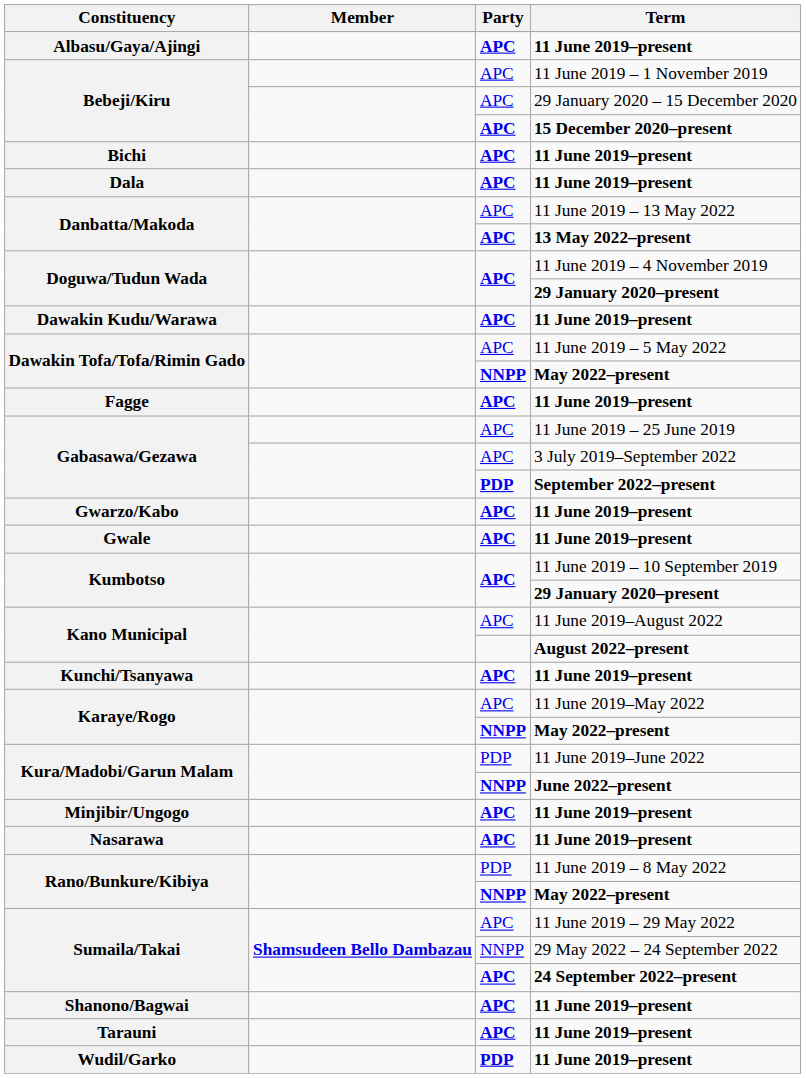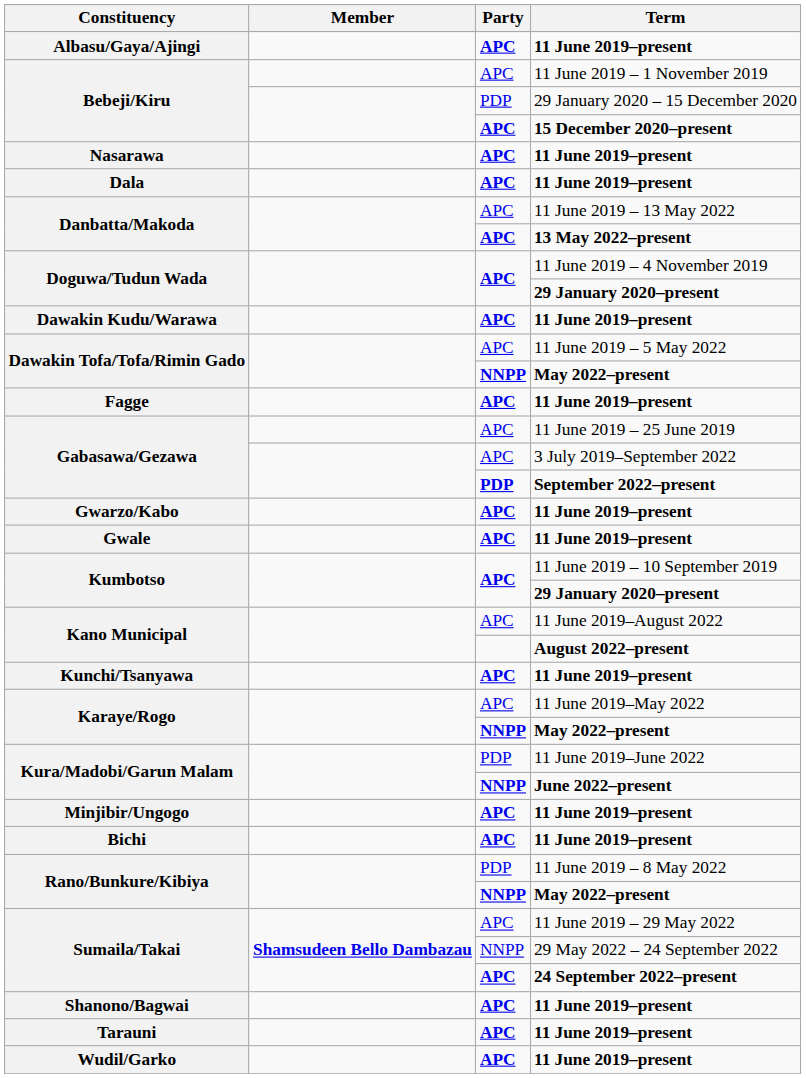 <table class="wikitable">
 <tr valign=bottom>
 <th>Constituency</th>
 <th>Member</th>
 <th>Party</th>
 <th>Term</th>
 </tr>
 <tr>
 <th>Albasu/Gaya/Ajingi</th>
 <td><strong></strong></td>
 <td><strong><a href='#'>APC</a></strong></td>
 <td><strong>11 June 2019–present</strong></td>
 </tr>
 <tr>
 <th rowspan=3>Bebeji/Kiru</th>
 <td style="opacity:.4;"></td>
 <td><a href='#'>APC</a></td>
 <td>11 June 2019 – 1 November 2019</td>
 </tr>
 <tr>
 <td rowspan=2><strong></strong></td>
-<td><a href='#'>APC</a></td>
+<td><a href='#'>PDP</a></td>
 <td>29 January 2020 – 15 December 2020</td>
 </tr>
 <tr>
 <td><strong><a href='#'>APC</a></strong></td>
 <td><strong>15 December 2020–present</strong></td>
 </tr>
 <tr>
-<th>Bichi</th>
+<th>Nasarawa</th>
 <td><strong></strong></td>
 <td><strong><a href='#'>APC</a></strong></td>
 <td><strong>11 June 2019–present</strong></td>
 </tr>
 <tr>
 <th>Dala</th>
 <td><strong></strong></td>
 <td><strong><a href='#'>APC</a></strong></td>
 <td><strong>11 June 2019–present</strong></td>
 </tr>
 <tr>
 <th rowspan=2>Danbatta/Makoda</th>
 <td rowspan=2><strong></strong></td>
 <td><a href='#'>APC</a></td>
 <td>11 June 2019 – 13 May 2022</td>
 </tr>
 <tr>
 <td><strong><a href='#'>APC</a></strong></td>
 <td><strong>13 May 2022–present</strong></td>
 </tr>
 <tr>
 <th rowspan=2>Doguwa/Tudun Wada</th>
 <td rowspan=2><strong></strong></td>
 <td rowspan=2 ><strong><a href='#'>APC</a></strong></td>
 <td>11 June 2019 – 4 November 2019</td>
 </tr>
 <tr>
 <td><strong>29 January 2020–present</strong></td>
 </tr>
 <tr>
 <th>Dawakin Kudu/Warawa</th>
 <td><strong></strong></td>
 <td><strong><a href='#'>APC</a></strong></td>
 <td><strong>11 June 2019–present</strong></td>
 </tr>
 <tr>
 <th rowspan=2>Dawakin Tofa/Tofa/Rimin Gado</th>
 <td rowspan=2><strong></strong></td>
 <td><a href='#'>APC</a></td>
 <td>11 June 2019 – 5 May 2022</td>
 </tr>
 <tr>
 <td><strong><a href='#'>NNPP</a></strong></td>
 <td><strong>May 2022–present</strong></td>
 </tr>
 <tr>
 <th>Fagge</th>
 <td><strong></strong></td>
 <td><strong><a href='#'>APC</a></strong></td>
 <td><strong>11 June 2019–present</strong></td>
 </tr>
 <tr>
 <th rowspan=3>Gabasawa/Gezawa</th>
 <td style="opacity:.4;"></td>
 <td><a href='#'>APC</a></td>
 <td>11 June 2019 – 25 June 2019</td>
 </tr>
 <tr>
 <td rowspan=2><strong></strong></td>
 <td><a href='#'>APC</a></td>
 <td>3 July 2019–September 2022</td>
 </tr>
 <tr>
 <td><strong><a href='#'>PDP</a></strong></td>
 <td><strong>September 2022–present</strong></td>
 </tr>
 <tr>
 <th>Gwarzo/Kabo</th>
 <td><strong></strong></td>
 <td><strong><a href='#'>APC</a></strong></td>
 <td><strong>11 June 2019–present</strong></td>
 </tr>
 <tr>
 <th>Gwale</th>
 <td><strong></strong></td>
 <td><strong><a href='#'>APC</a></strong></td>
 <td><strong>11 June 2019–present</strong></td>
 </tr>
 <tr>
 <th rowspan=2>Kumbotso</th>
 <td rowspan=2><strong></strong></td>
 <td rowspan=2 ><strong><a href='#'>APC</a></strong></td>
 <td>11 June 2019 – 10 September 2019</td>
 </tr>
 <tr>
 <td><strong>29 January 2020–present</strong></td>
 </tr>
 <tr>
 <th rowspan=2>Kano Municipal</th>
 <td rowspan=2><strong></strong></td>
 <td><a href='#'>APC</a></td>
 <td>11 June 2019–August 2022</td>
 </tr>
 <tr>
 <td><strong></strong></td>
 <td><strong>August 2022–present</strong></td>
 </tr>
 <tr>
 <th>Kunchi/Tsanyawa</th>
 <td><strong></strong></td>
 <td><strong><a href='#'>APC</a></strong></td>
 <td><strong>11 June 2019–present</strong></td>
 </tr>
 <tr>
 <th rowspan=2>Karaye/Rogo</th>
 <td rowspan=2><strong></strong></td>
 <td><a href='#'>APC</a></td>
 <td>11 June 2019–May 2022</td>
 </tr>
 <tr>
 <td><strong><a href='#'>NNPP</a></strong></td>
 <td><strong>May 2022–present</strong></td>
 </tr>
 <tr>
 <th rowspan=2>Kura/Madobi/Garun Malam</th>
 <td rowspan=2><strong></strong></td>
 <td><a href='#'>PDP</a></td>
 <td>11 June 2019–June 2022</td>
 </tr>
 <tr>
 <td><strong><a href='#'>NNPP</a></strong></td>
 <td><strong>June 2022–present</strong></td>
 </tr>
 <tr>
 <th>Minjibir/Ungogo</th>
 <td><strong></strong></td>
 <td><strong><a href='#'>APC</a></strong></td>
 <td><strong>11 June 2019–present</strong></td>
 </tr>
 <tr>
-<th>Nasarawa</th>
+<th>Bichi</th>
 <td><strong></strong></td>
 <td><strong><a href='#'>APC</a></strong></td>
 <td><strong>11 June 2019–present</strong></td>
 </tr>
 <tr>
 <th rowspan=2>Rano/Bunkure/Kibiya</th>
 <td rowspan=2><strong></strong></td>
 <td><a href='#'>PDP</a></td>
 <td>11 June 2019 – 8 May 2022</td>
 </tr>
 <tr>
 <td><strong><a href='#'>NNPP</a></strong></td>
 <td><strong>May 2022–present</strong></td>
 </tr>
 <tr>
 <th rowspan=3>Sumaila/Takai</th>
 <td rowspan=3><strong><a href='#'>Shamsudeen Bello Dambazau</a></strong></td>
 <td><a href='#'>APC</a></td>
 <td>11 June 2019 – 29 May 2022</td>
 </tr>
 <tr>
 <td><a href='#'>NNPP</a></td>
 <td>29 May 2022 – 24 September 2022</td>
 </tr>
 <tr>
 <td><strong><a href='#'>APC</a></strong></td>
 <td><strong>24 September 2022–present</strong></td>
 </tr>
 <tr>
 <th>Shanono/Bagwai</th>
 <td><strong></strong></td>
 <td><strong><a href='#'>APC</a></strong></td>
 <td><strong>11 June 2019–present</strong></td>
 </tr>
 <tr>
 <th>Tarauni</th>
 <td><strong></strong></td>
 <td><strong><a href='#'>APC</a></strong></td>
 <td><strong>11 June 2019–present</strong></td>
 </tr>
 <tr>
 <th>Wudil/Garko</th>
 <td><strong></strong></td>
-<td><strong><a href='#'>PDP</a></strong></td>
+<td><strong><a href='#'>APC</a></strong></td>
 <td><strong>11 June 2019–present</strong></td>
 </tr>
 </table>
